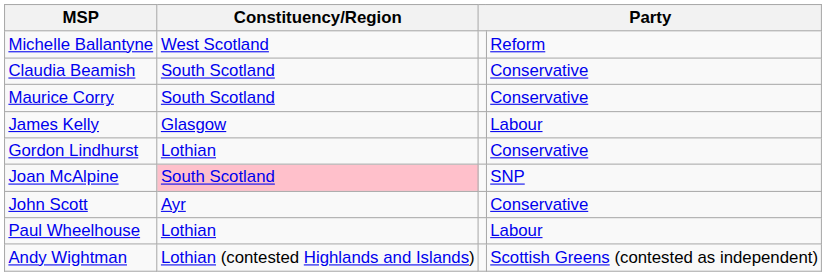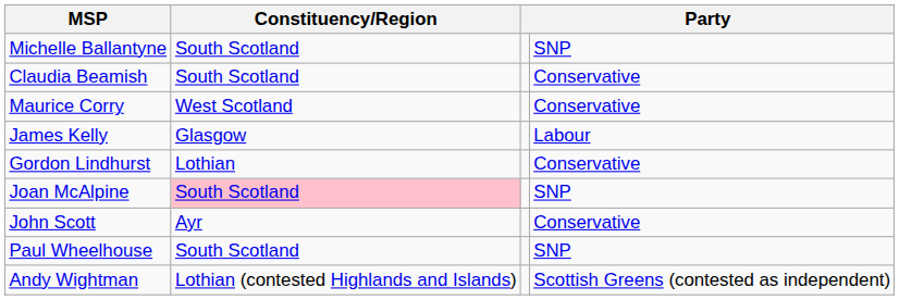 <table class="wikitable">
 <tr>
 <th>MSP</th>
 <th>Constituency/Region</th>
 <th colspan="2">Party</th>
 </tr>
 <tr>
 <td><a href='#'>Michelle Ballantyne</a></td>
-<td><a href='#'>West Scotland</a></td>
+<td><a href='#'>South Scotland</a></td>
 <td style="color:inherit;background:"></td>
-<td><a href='#'>Reform</a></td>
+<td><a href='#'>SNP</a></td>
 </tr>
 <tr>
 <td><a href='#'>Claudia Beamish</a></td>
 <td><a href='#'>South Scotland</a></td>
 <td style="color:inherit;background-color: "></td>
 <td><a href='#'>Conservative</a></td>
 </tr>
 <tr>
 <td><a href='#'>Maurice Corry</a></td>
-<td><a href='#'>South Scotland</a></td>
+<td><a href='#'>West Scotland</a></td>
 <td style="color:inherit;background-color: "></td>
 <td><a href='#'>Conservative</a></td>
 </tr>
 <tr>
 <td><a href='#'>James Kelly</a></td>
 <td><a href='#'>Glasgow</a></td>
 <td style="color:inherit;background-color: "></td>
 <td><a href='#'>Labour</a></td>
 </tr>
 <tr>
 <td><a href='#'>Gordon Lindhurst</a></td>
 <td><a href='#'>Lothian</a></td>
 <td style="color:inherit;background-color: "></td>
 <td><a href='#'>Conservative</a></td>
 </tr>
 <tr>
 <td><a href='#'>Joan McAlpine</a></td>
 <td style="background: pink;"><a href='#'>South Scotland</a></td>
 <td style="color:inherit;background-color: "></td>
 <td><a href='#'>SNP</a></td>
 </tr>
 <tr>
 <td><a href='#'>John Scott</a></td>
 <td><a href='#'>Ayr</a></td>
 <td style="color:inherit;background-color: "></td>
 <td><a href='#'>Conservative</a></td>
 </tr>
 <tr>
 <td><a href='#'>Paul Wheelhouse</a></td>
-<td><a href='#'>Lothian</a></td>
+<td><a href='#'>South Scotland</a></td>
 <td style="color:inherit;background-color: "></td>
-<td><a href='#'>Labour</a></td>
+<td><a href='#'>SNP</a></td>
 </tr>
 <tr>
 <td><a href='#'>Andy Wightman</a></td>
 <td><a href='#'>Lothian</a> (contested <a href='#'>Highlands and Islands</a>)</td>
 <td rowspan="2" style="color:inherit;background:"></td>
 <td><a href='#'>Scottish Greens</a> (contested as independent)</td>
 </tr>
 </table>
